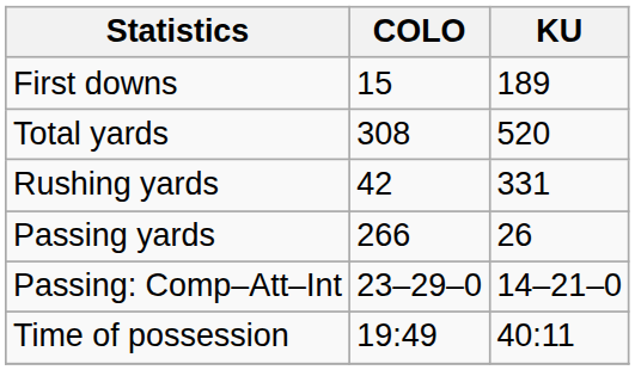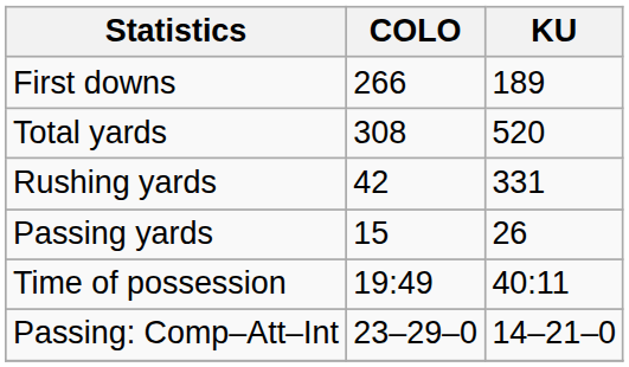 <table class="wikitable" style="float: left;">
 <tr>
 <th>Statistics</th>
 <th>COLO</th>
 <th>KU</th>
 </tr>
 <tr>
 <td>First downs</td>
-<td>15</td>
+<td>266</td>
 <td>189</td>
 </tr>
 <tr>
 <td>Total yards</td>
 <td>308</td>
 <td>520</td>
 </tr>
 <tr>
 <td>Rushing yards</td>
 <td>42</td>
 <td>331</td>
 </tr>
 <tr>
 <td>Passing yards</td>
-<td>266</td>
+<td>15</td>
 <td>26</td>
+</tr>
+<tr>
+<td>Time of possession</td>
+<td>19:49</td>
+<td>40:11</td>
 </tr>
 <tr>
 <td>Passing: Comp–Att–Int</td>
 <td>23–29–0</td>
 <td>14–21–0</td>
 </tr>
 <tr>
-<td>Time of possession</td>
-<td>19:49</td>
-<td>40:11</td>
-</tr>
-<tr>
 </tr>
 </table>
